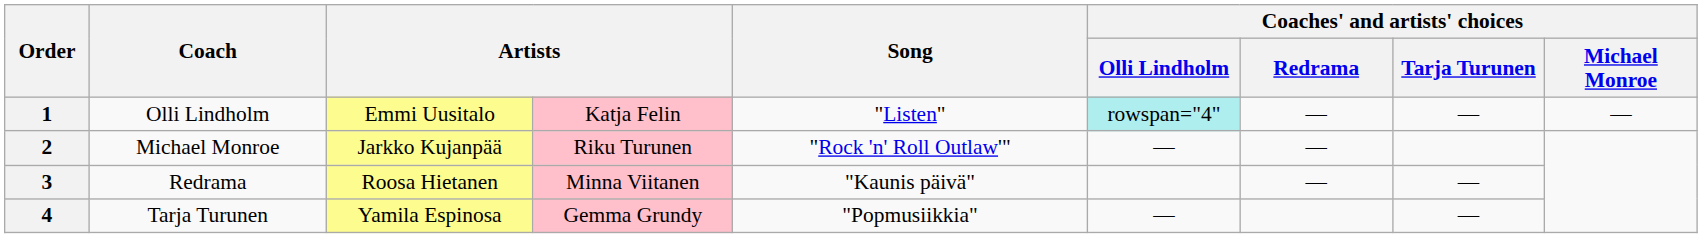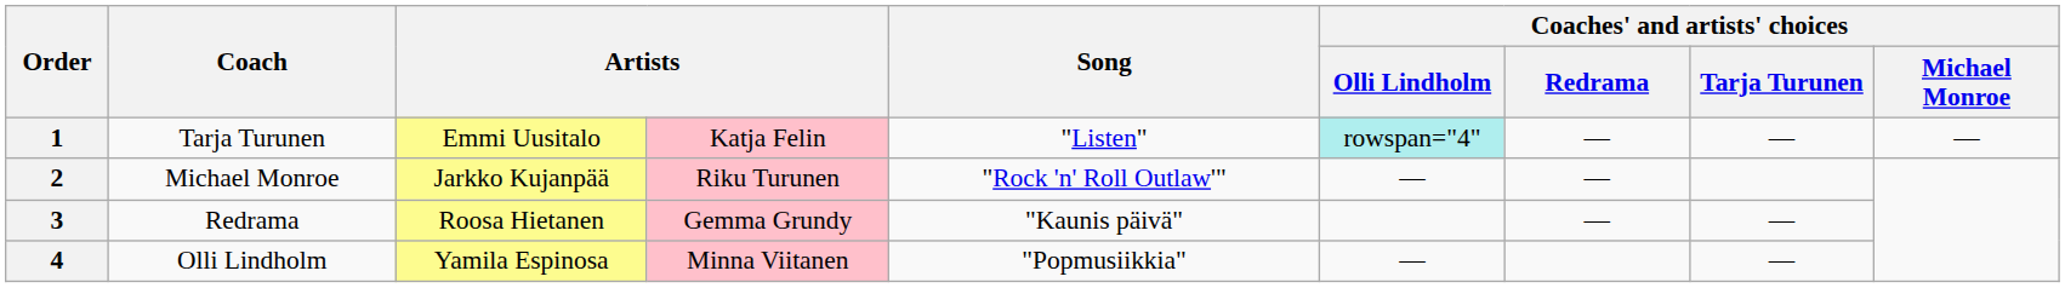 <table class="wikitable" style="text-align:center; width:100%;">
 <tr>
 <th scope="col" style="width:05%;" rowspan=2>Order</th>
 <th scope="col" style="width:14%;" rowspan=2>Coach</th>
 <th scope="col" style="width:24%;" colspan=2 rowspan=2>Artists</th>
 <th scope="col" style="width:21%;" rowspan=2>Song</th>
 <th scope="col" style="width:36%;" colspan=4>Coaches' and artists' choices</th>
 </tr>
 <tr>
 <th style="width:09%;"><a href='#'>Olli Lindholm</a></th>
 <th style="width:09%;"><a href='#'>Redrama</a></th>
 <th style="width:09%;"><a href='#'>Tarja Turunen</a></th>
 <th style="width:09%;"><a href='#'>Michael Monroe</a></th>
 </tr>
 <tr>
 <th scope="col">1</th>
-<td>Olli Lindholm</td>
+<td>Tarja Turunen</td>
 <td style="background:#fdfc8f; text-align:center;">Emmi Uusitalo</td>
 <td style="background:pink; text-align:center;">Katja Felin</td>
 <td>"<a href='#'>Listen</a>"</td>
 <td style="background: paleturquoise;">rowspan="4" </td>
 <td>—</td>
 <td>—</td>
 <td>—</td>
 </tr>
 <tr>
 <th scope="col">2</th>
 <td>Michael Monroe</td>
 <td style="background:#fdfc8f; text-align:center;">Jarkko Kujanpää</td>
 <td style="background:pink; text-align:center;">Riku Turunen</td>
 <td>"<a href='#'>Rock 'n' Roll Outlaw</a>'"</td>
 <td>—</td>
 <td>—</td>
 <td></td>
 </tr>
 <tr>
 <th scope="col">3</th>
 <td>Redrama</td>
 <td style="background:#fdfc8f; text-align:center;">Roosa Hietanen</td>
-<td style="background:pink; text-align:center;">Minna Viitanen</td>
+<td style="background:pink; text-align:center;">Gemma Grundy</td>
 <td>"Kaunis päivä"</td>
 <td></td>
 <td>—</td>
 <td>—</td>
 </tr>
 <tr>
 <th scope="col">4</th>
-<td>Tarja Turunen</td>
+<td>Olli Lindholm</td>
 <td style="background:#fdfc8f; text-align:center;">Yamila Espinosa</td>
-<td style="background:pink; text-align:center;">Gemma Grundy</td>
+<td style="background:pink; text-align:center;">Minna Viitanen</td>
 <td>"Popmusiikkia"</td>
 <td>—</td>
 <td></td>
 <td>—</td>
 </tr>
 </table>
